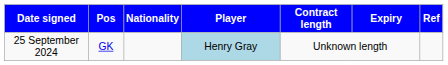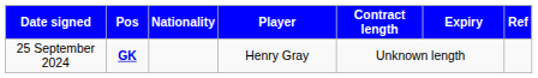 <table class="wikitable"  style="text-align:center; font-size:90%; ">
 <tr>
 <th style="background:#0000FF; color:#FFFFFF; width:130px;">Date signed</th>
 <th style="background:#0000FF; color:#FFFFFF; width:50px;">Pos</th>
 <th style="background:#0000FF; color:#FFFFFF; width:50px;">Nationality</th>
 <th style="background:#0000FF; color:#FFFFFF; width:175px;">Player</th>
 <th style="background:#0000FF; color:#FFFFFF; width:110px;">Contract length</th>
 <th style="background:#0000FF; color:#FFFFFF; width:110px;">Expiry</th>
 <th style="background:#0000FF; color:#FFFFFF; width:25px;">Ref</th>
 </tr>
 <tr>
 <td>25 September 2024</td>
-<td><a href='#'>GK</a></td>
+<td><strong><a href='#'>GK</a></strong></td>
 <td></td>
-<td style="background: lightblue;">Henry Gray</td>
+<td>Henry Gray</td>
 <td colspan=2>Unknown length</td>
 <td></td>
 </tr>
 </table>
